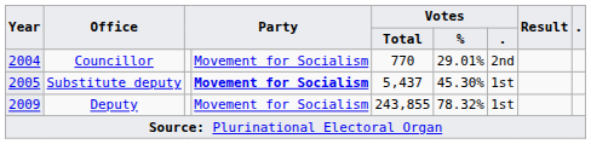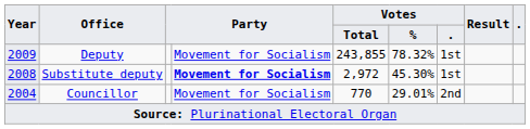 <table class="wikitable" style="font-size:90%; text-align:center;">
 <tr>
 <th style="background-color:#EAECF0;" rowspan=2>Year</th>
 <th style="background-color:#EAECF0;" rowspan=2>Office</th>
 <th style="background-color:#EAECF0;" colspan=2 rowspan=2>Party</th>
 <th style="background-color:#EAECF0;" colspan=3>Votes</th>
 <th style="background-color:#EAECF0;" rowspan=2>Result</th>
 <th style="background-color:#EAECF0;" rowspan=2>.</th>
 </tr>
 <tr>
 <th style="background-color:#EAECF0;">Total</th>
 <th style="background-color:#EAECF0;">%</th>
 <th style="background-color:#EAECF0;">.</th>
 </tr>
 <tr>
+<td style="background-color:#EAECF0;"><a href='#'>2009</a></td>
+<td><a href='#'>Deputy</a></td>
+<td style="background-color:"></td>
+<td><a href='#'>Movement for Socialism</a></td>
+<td>243,855</td>
+<td>78.32%</td>
+<td>1st</td>
+<td></td>
+<td></td>
+</tr>
+<tr>
+<td style="background-color:#EAECF0;"><a href='#'>2008</a></td>
+<td><a href='#'>Substitute deputy</a></td>
+<td style="background-color:"></td>
+<td><strong><a href='#'>Movement for Socialism</a></strong></td>
+<td>2,972</td>
+<td>45.30%</td>
+<td>1st</td>
+<td></td>
+<td></td>
+</tr>
+<tr>
 <td style="background-color:#EAECF0;"><a href='#'>2004</a></td>
 <td><a href='#'>Councillor</a></td>
 <td style="background-color:"></td>
 <td><a href='#'>Movement for Socialism</a></td>
 <td>770</td>
 <td>29.01%</td>
 <td>2nd</td>
 <td></td>
 <td></td>
 </tr>
 <tr>
-<td style="background-color:#EAECF0;"><a href='#'>2005</a></td>
-<td><a href='#'>Substitute deputy</a></td>
-<td style="background-color:"></td>
-<td><strong><a href='#'>Movement for Socialism</a></strong></td>
-<td>5,437</td>
-<td>45.30%</td>
-<td>1st</td>
-<td></td>
-<td></td>
-</tr>
-<tr>
-<td style="background-color:#EAECF0;"><a href='#'>2009</a></td>
-<td><a href='#'>Deputy</a></td>
-<td style="background-color:"></td>
-<td><a href='#'>Movement for Socialism</a></td>
-<td>243,855</td>
-<td>78.32%</td>
-<td>1st</td>
-<td></td>
-<td></td>
-</tr>
-<tr>
 <td style="background-color:#EAECF0;" colspan=9><strong>Source:</strong> <a href='#'>Plurinational Electoral Organ</a>  </td>
 </tr>
 </table>
